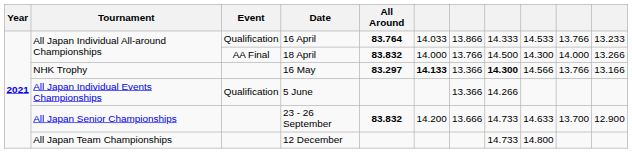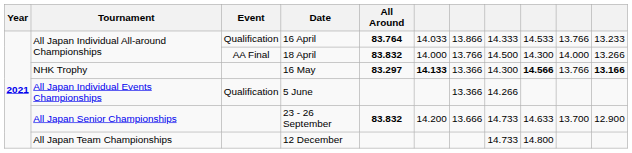 <table class="wikitable sortable" style="text-align:center; font-size:100%">
 <tr>
 <th style="width:20px;" class=unsortable>Year</th>
 <th style="width:300px;" class=unsortable>Tournament</th>
 <th style="width:30px;" class=unsortable>Event</th>
 <th style="width:120px;" class=unsortable>Date</th>
 <th scope="col" style="width:80px;">All Around</th>
 <th scope="col" style="width:50px;"></th>
 <th scope="col" style="width:50px;"></th>
 <th scope="col" style="width:50px;"></th>
 <th scope="col" style="width:50px;"></th>
 <th scope="col" style="width:50px;"></th>
 <th scope="col" style="width:50px;"></th>
 </tr>
 <tr>
 <td rowspan="6"><strong><a href='#'>2021</a></strong></td>
 <td rowspan="2" align=left>All Japan Individual All-around Championships</td>
 <td>Qualification</td>
 <td align=left>16 April</td>
 <td><strong>83.764</strong></td>
 <td>14.033</td>
 <td>13.866</td>
 <td>14.333</td>
 <td>14.533</td>
 <td>13.766</td>
 <td>13.233</td>
 </tr>
 <tr>
 <td>AA Final</td>
 <td align=left>18 April</td>
 <td><strong>83.832</strong></td>
 <td>14.000</td>
 <td>13.766</td>
 <td>14.500</td>
 <td>14.300</td>
 <td>14.000</td>
 <td>13.266</td>
 </tr>
 <tr>
 <td align=left>NHK Trophy</td>
 <td></td>
 <td align=left>16 May</td>
 <td><strong>83.297</strong></td>
 <td><strong>14.133</strong></td>
 <td>13.366</td>
-<td><strong>14.300</strong></td>
-<td>14.566</td>
+<td>14.300</td>
+<td><strong>14.566</strong></td>
 <td>13.766</td>
-<td>13.166</td>
+<td><strong>13.166</strong></td>
 </tr>
 <tr>
 <td align=left><a href='#'>All Japan Individual Events Championships</a></td>
 <td>Qualification</td>
 <td align=left>5 June</td>
 <td></td>
 <td></td>
 <td>13.366</td>
 <td>14.266</td>
 <td></td>
 <td></td>
 <td></td>
 </tr>
 <tr>
 <td align=left><a href='#'>All Japan Senior Championships</a></td>
 <td></td>
 <td align=left>23 - 26 September</td>
 <td><strong>83.832</strong></td>
 <td>14.200</td>
 <td>13.666</td>
 <td>14.733</td>
 <td>14.633</td>
 <td>13.700</td>
 <td>12.900</td>
 </tr>
 <tr>
 <td align=left>All Japan Team Championships</td>
 <td></td>
 <td align=left>12 December</td>
 <td></td>
 <td></td>
 <td></td>
 <td>14.733</td>
 <td>14.800</td>
 <td></td>
 <td></td>
 </tr>
 </table>
